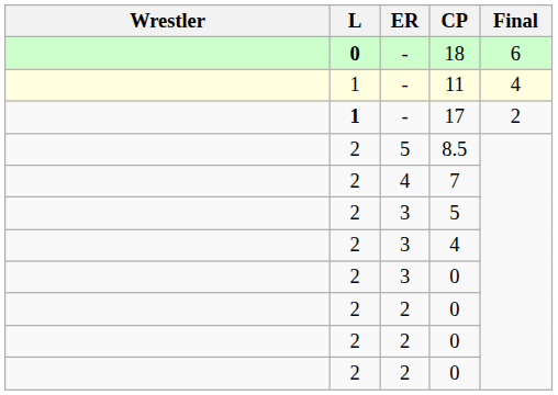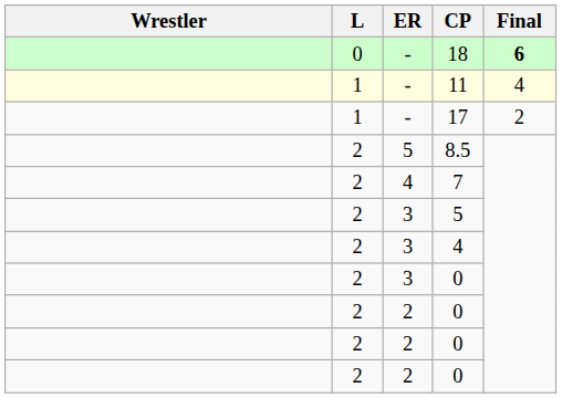 <table class="wikitable" style="text-align: center;" |>
 <tr>
 <th width="250">Wrestler</th>
 <th width="32">L</th>
 <th width="32">ER</th>
 <th width="32">CP</th>
 <th width="50">Final</th>
 </tr>
 <tr bgcolor="ccffcc">
 <td style="text-align:left;"></td>
-<td><strong>0</strong></td>
+<td>0</td>
 <td>-</td>
 <td>18</td>
-<td>6</td>
+<td><strong>6</strong></td>
 </tr>
 <tr bgcolor="lightyellow">
 <td style="text-align:left;"></td>
 <td>1</td>
 <td>-</td>
 <td>11</td>
 <td>4</td>
 </tr>
 <tr>
 <td style="text-align:left;"></td>
-<td><strong>1</strong></td>
+<td>1</td>
 <td>-</td>
 <td>17</td>
 <td>2</td>
 </tr>
 <tr>
 <td style="text-align:left;"></td>
 <td>2</td>
 <td>5</td>
 <td>8.5</td>
 </tr>
 <tr>
 <td style="text-align:left;"></td>
 <td>2</td>
 <td>4</td>
 <td>7</td>
 </tr>
 <tr>
 <td style="text-align:left;"></td>
 <td>2</td>
 <td>3</td>
 <td>5</td>
 </tr>
 <tr>
 <td style="text-align:left;"></td>
 <td>2</td>
 <td>3</td>
 <td>4</td>
 </tr>
 <tr>
 <td style="text-align:left;"></td>
 <td>2</td>
 <td>3</td>
 <td>0</td>
 </tr>
 <tr>
 <td style="text-align:left;"></td>
 <td>2</td>
 <td>2</td>
 <td>0</td>
 </tr>
 <tr>
 <td style="text-align:left;"></td>
 <td>2</td>
 <td>2</td>
 <td>0</td>
 </tr>
 <tr>
 <td style="text-align:left;"></td>
 <td>2</td>
 <td>2</td>
 <td>0</td>
 </tr>
 </table>
